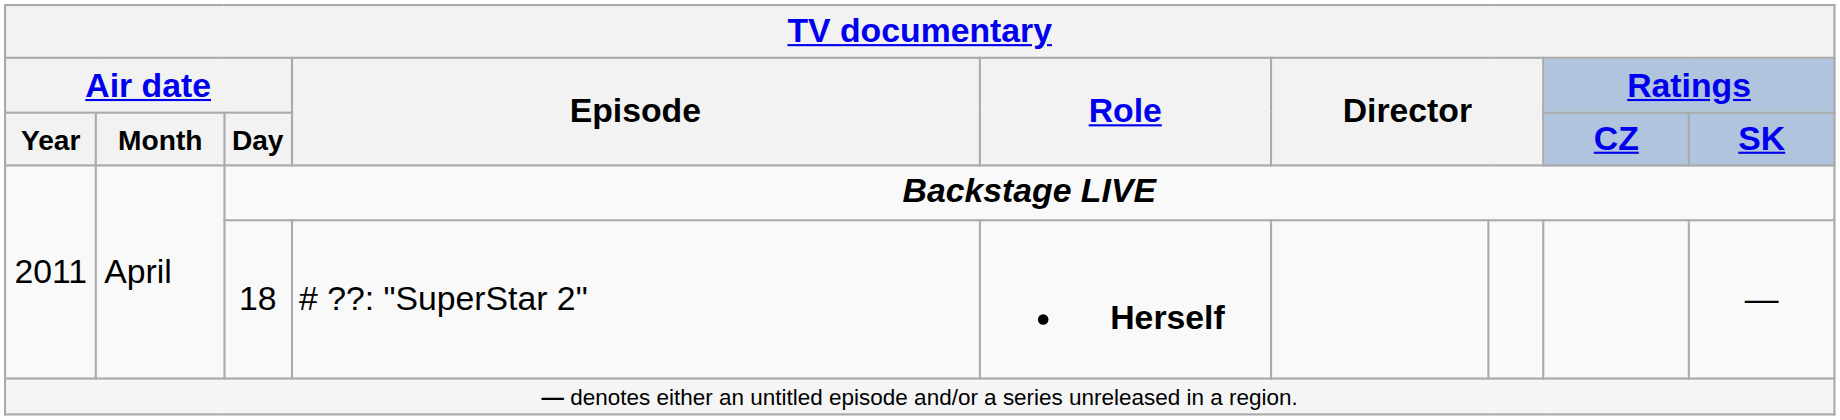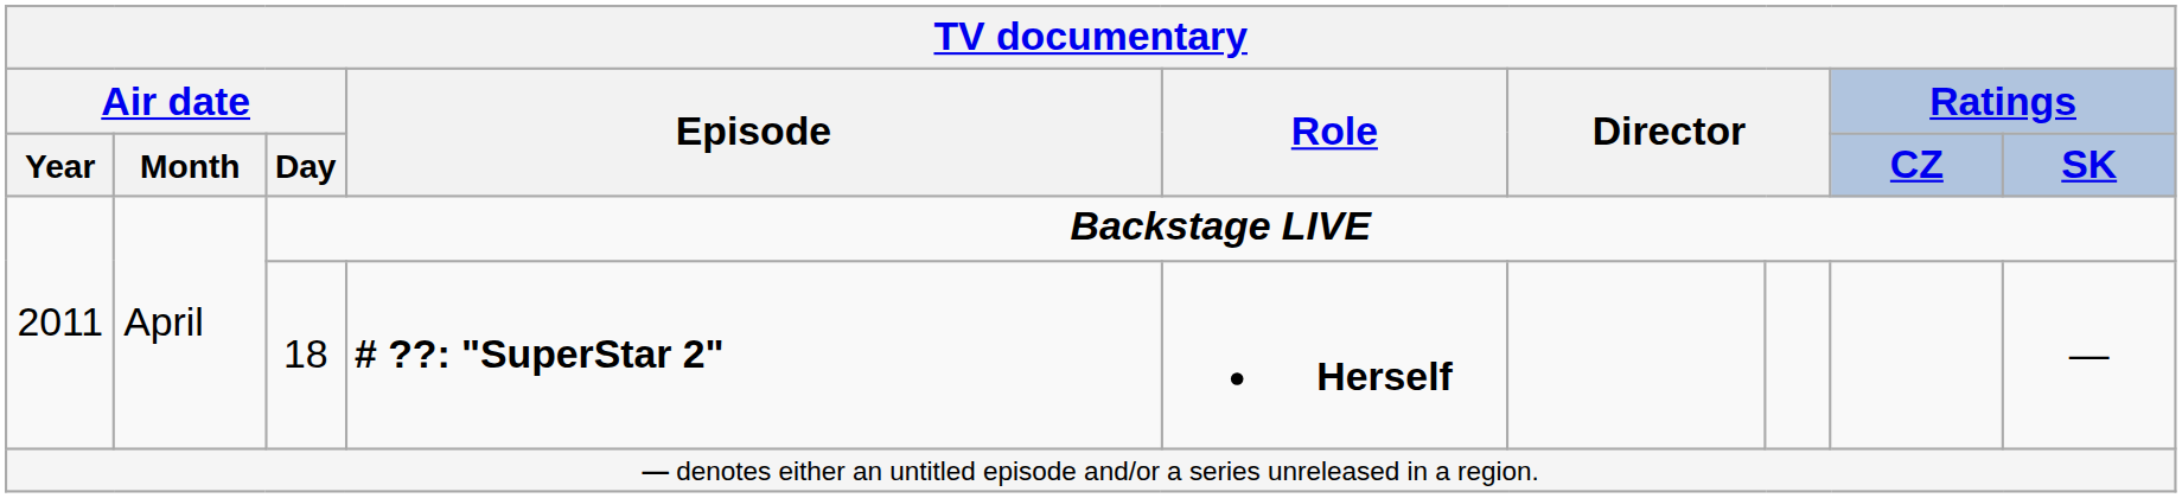 <table class="wikitable" style="text-align:center;">
 <tr>
 <th colspan="9" width=88%><a href='#'>TV documentary</a></th>
 </tr>
 <tr>
 <th colspan="3" width=15%><a href='#'>Air date</a></th>
 <th rowspan="2" width=38%>Episode</th>
 <th rowspan="2" width=16%><a href='#'>Role</a></th>
 <th colspan="2" rowspan="2" width=15%>Director</th>
 <th colspan="2" width=16% style="background:#B0C4DE;"><a href='#'>Ratings</a></th>
 </tr>
 <tr>
 <th width=5%><small>Year</small></th>
 <th width=7%><small>Month</small></th>
 <th width=3%><small>Day</small></th>
 <th width=8% style="background:#B0C4DE;"><a href='#'>CZ</a></th>
 <th width=8% style="background:#B0C4DE;"><a href='#'>SK</a></th>
 </tr>
 <tr>
 <td rowspan="2">2011</td>
 <td align="left" rowspan="2">April</td>
 <td colspan="7"><strong><em>Backstage LIVE</em></strong></td>
 </tr>
 <tr>
 <td>18</td>
-<td align="left"># ??: "SuperStar 2"</td>
+<td align="left"><strong># ??: "SuperStar 2"</strong></td>
 <td><strong><br><ul><li>Herself</li></ul></strong></td>
 <td></td>
 <td width=3%></td>
 <td></td>
 <td>—</td>
 </tr>
 <tr>
 <td colspan="9" width=100% style="background:whitesmoke; font-size: 8pt"><strong>—</strong> denotes either an untitled episode and/or a series unreleased in a region.</td>
 </tr>
 </table>
